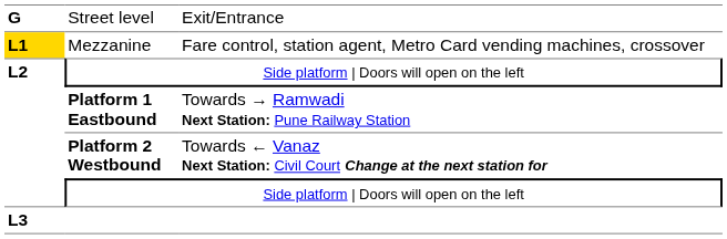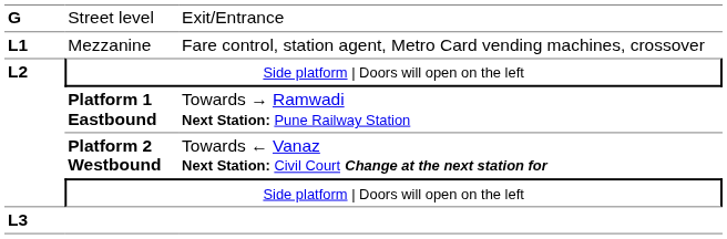 <table table border=0 cellspacing=0 cellpadding=3>
 <tr>
 <td style="border-bottom:solid 1px grey;border-top:solid 1px grey;" width=50 valign=top><strong>G</strong></td>
 <td style="border-top:solid 1px grey;border-bottom:solid 1px grey;" width=100 valign=top>Street level</td>
 <td style="border-top:solid 1px grey;border-bottom:solid 1px grey;" width=500 valign=top>Exit/Entrance</td>
 </tr>
 <tr>
-<td valign=top style="background: gold;"><strong>L1</strong></td>
+<td valign=top><strong>L1</strong></td>
 <td valign=top>Mezzanine</td>
 <td valign=top>Fare control, station agent, Metro Card vending machines, crossover<br></td>
 </tr>
 <tr>
 <td style="border-top:solid 1px grey;border-bottom:solid 1px grey;" width=50 rowspan=4 valign=top><strong>L2</strong></td>
 <td style="border-top:solid 1px grey;border-right:solid 2px black;border-left:solid 2px black;border-bottom:solid 2px black;text-align:center;" colspan=2><small><a href='#'>Side platform</a> | Doors will open on the left </small></td>
 </tr>
 <tr>
 <td style="border-bottom:solid 1px grey;" width=100><span><strong>Platform 1</strong><br><strong>Eastbound</strong></span></td>
 <td style="border-bottom:solid 1px grey;" width=500>Towards → <a href='#'>Ramwadi</a><br><small><strong>Next Station:</strong> <a href='#'>Pune Railway Station</a></small></td>
 </tr>
 <tr>
 <td><span><strong>Platform 2</strong><br><strong>Westbound</strong></span></td>
 <td>Towards ← <a href='#'>Vanaz</a><br><small><strong>Next Station:</strong> <a href='#'>Civil Court</a></small> <small><strong><em>Change at the next station for </em></strong></small></td>
 </tr>
 <tr>
 <td style="border-top:solid 2px black;border-right:solid 2px black;border-left:solid 2px black;border-bottom:solid 1px grey;" colspan=2  align=center><small><a href='#'>Side platform</a> | Doors will open on the left </small></td>
 </tr>
 <tr>
 <td style="border-bottom:solid 1px grey;" width=50 rowspan=2 valign=top><strong>L3</strong></td>
 <td style="border-bottom:solid 1px grey;" width=100></td>
 <td style="border-bottom:solid 1px grey;" width=500></td>
 </tr>
 <tr>
 </tr>
 </table>
